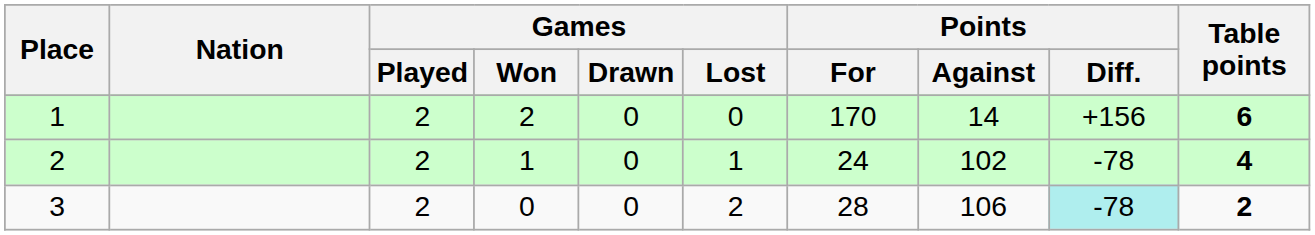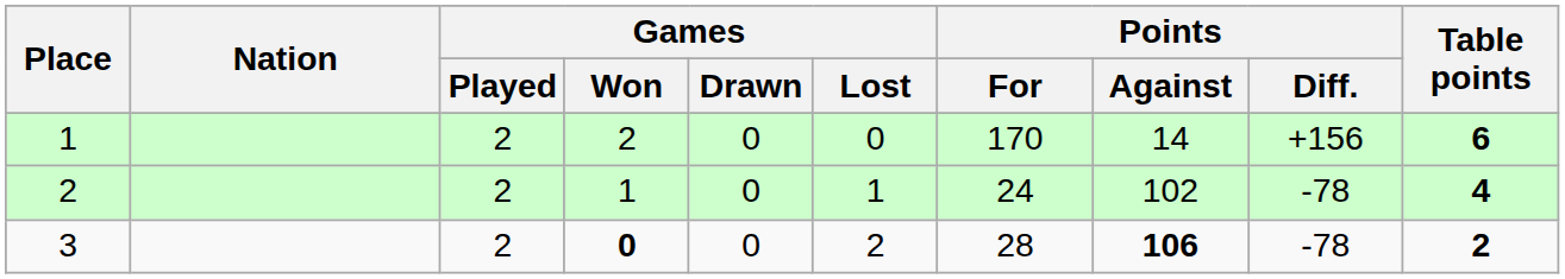 <table class="wikitable" style="text-align:center">
 <tr>
 <th rowspan="2" style="width:8%">Place</th>
 <th rowspan="2" style="width:20%">Nation</th>
 <th colspan="4" style="width:32%">Games</th>
 <th colspan="3" style="width:30%">Points</th>
 <th rowspan="2" style="width:10%">Table<br>points</th>
 </tr>
 <tr>
 <th style="width:8%">Played</th>
 <th style="width:8%">Won</th>
 <th style="width:8%">Drawn</th>
 <th style="width:8%">Lost</th>
 <th style="width:10%">For</th>
 <th style="width:10%">Against</th>
 <th style="width:10%">Diff.</th>
 </tr>
 <tr style="background:#cfc">
 <td>1</td>
 <td align=left><strong></strong></td>
 <td>2</td>
 <td>2</td>
 <td>0</td>
 <td>0</td>
 <td>170</td>
 <td>14</td>
 <td>+156</td>
 <td><strong>6</strong></td>
 </tr>
 <tr style="background:#cfc">
 <td>2</td>
 <td align=left></td>
 <td>2</td>
 <td>1</td>
 <td>0</td>
 <td>1</td>
 <td>24</td>
 <td>102</td>
 <td>-78</td>
 <td><strong>4</strong></td>
 </tr>
 <tr>
 <td>3</td>
 <td align=left></td>
 <td>2</td>
-<td>0</td>
+<td><strong>0</strong></td>
 <td>0</td>
 <td>2</td>
 <td>28</td>
-<td>106</td>
-<td style="background: paleturquoise;">-78</td>
+<td><strong>106</strong></td>
+<td>-78</td>
 <td><strong>2</strong></td>
 </tr>
 </table>
